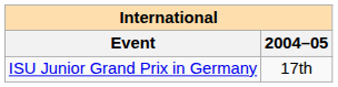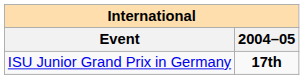 <table class="wikitable" style="text-align:center">
 <tr>
 <th style="background-color: #ffdead; " colspan=2 align=center>International</th>
 </tr>
 <tr>
 <th>Event</th>
 <th>2004–05</th>
 </tr>
 <tr>
 <td align=left><a href='#'>ISU Junior Grand Prix in Germany</a></td>
-<td>17th</td>
+<td><strong>17th</strong></td>
 </tr>
 </table>
